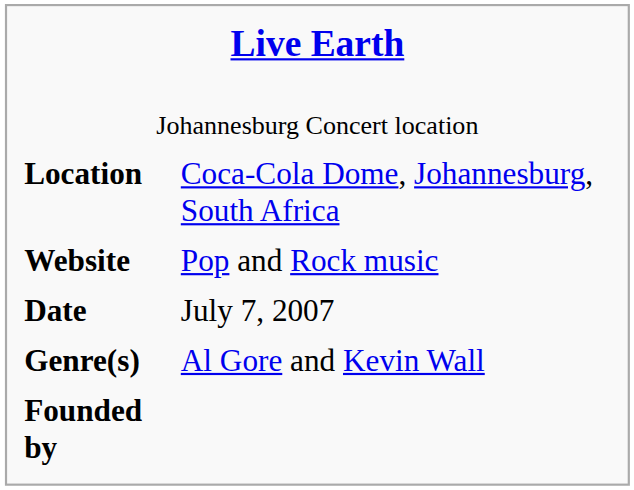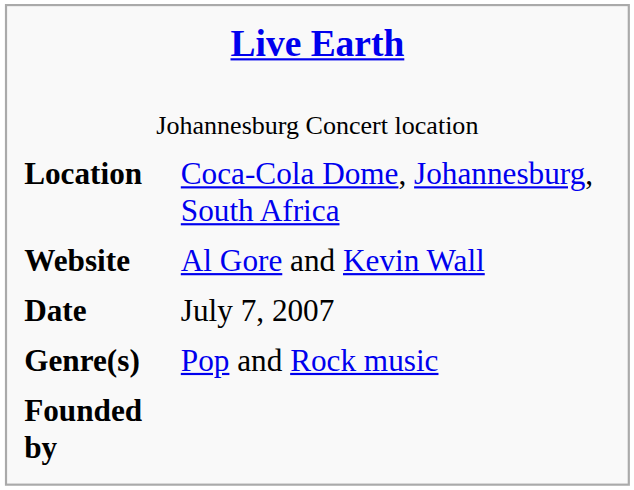 <table class="infobox" style="width: 20em; float:right; clear:right; font-size:90%" cellspacing="4">
 <tr style="vertical-align: top;">
 <th colspan="2" style="text-align: center;"><big><strong><a href='#'>Live Earth</a></strong></big></th>
 </tr>
 <tr style="vertical-align: top;">
 <td colspan="2" style="text-align: center;"></td>
 </tr>
 <tr style="vertical-align: top;">
 <td colspan="2" style="text-align: center;"></td>
 </tr>
 <tr style="vertical-align: top;">
 <td colspan="2" style="text-align: center;"><small>Johannesburg Concert location</small></td>
 </tr>
 <tr style="vertical-align: top;">
 <td><strong>Location</strong></td>
 <td><a href='#'>Coca-Cola Dome</a>, <a href='#'>Johannesburg</a>, <a href='#'>South Africa</a></td>
 </tr>
 <tr style="vertical-align: top;">
 <td><strong>Website</strong></td>
-<td><a href='#'>Pop</a> and <a href='#'>Rock music</a></td>
+<td><a href='#'>Al Gore</a> and <a href='#'>Kevin Wall</a></td>
 </tr>
 <tr style="vertical-align: top;">
 <td><strong>Date</strong></td>
 <td>July 7, 2007</td>
 </tr>
 <tr style="vertical-align: top;">
 <td><strong>Genre(s)</strong></td>
-<td><a href='#'>Al Gore</a> and <a href='#'>Kevin Wall</a></td>
+<td><a href='#'>Pop</a> and <a href='#'>Rock music</a></td>
 </tr>
 <tr style="vertical-align: top;">
 <td><strong>Founded by</strong></td>
 <td></td>
 </tr>
 </table>
